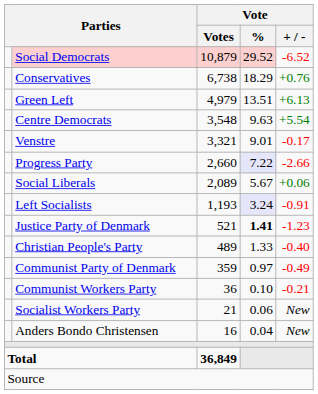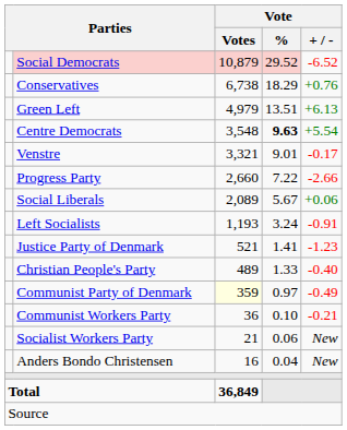 <table class="wikitable" style="text-align:right;">
 <tr>
 <th style="text-align:centre;" rowspan="2" colspan="2" width="225">Parties</th>
 <th colspan="3">Vote</th>
 </tr>
 <tr>
 <th width="15">Votes</th>
 <th width="15">%</th>
 <th width="15">+ / -</th>
 </tr>
 <tr>
 <td width="2" style="color:inherit;background:"></td>
 <td bgcolor=#fbd0ce  align="left"><a href='#'>Social Democrats</a></td>
 <td bgcolor=#fbd0ce>10,879</td>
 <td bgcolor=#fbd0ce>29.52</td>
 <td style=color:red;>-6.52</td>
 </tr>
 <tr>
 <td width="2" style="color:inherit;background:"></td>
 <td align="left"><a href='#'>Conservatives</a></td>
 <td>6,738</td>
 <td>18.29</td>
 <td style=color:green;>+0.76</td>
 </tr>
 <tr>
 <td width="2" style="color:inherit;background:"></td>
 <td align="left"><a href='#'>Green Left</a></td>
 <td>4,979</td>
 <td>13.51</td>
 <td style=color:green;>+6.13</td>
 </tr>
 <tr>
 <td width="2" style="color:inherit;background:"></td>
 <td align="left"><a href='#'>Centre Democrats</a></td>
 <td>3,548</td>
-<td>9.63</td>
+<td><strong>9.63</strong></td>
 <td style=color:green;>+5.54</td>
 </tr>
 <tr>
 <td width="2" style="color:inherit;background:"></td>
 <td align="left"><a href='#'>Venstre</a></td>
 <td>3,321</td>
 <td>9.01</td>
 <td style=color:red;>-0.17</td>
 </tr>
 <tr>
 <td width="2" style="color:inherit;background:"></td>
 <td align="left"><a href='#'>Progress Party</a></td>
 <td>2,660</td>
-<td style="background: lavender;">7.22</td>
+<td>7.22</td>
 <td style=color:red;>-2.66</td>
 </tr>
 <tr>
 <td width="2" style="color:inherit;background:"></td>
 <td align="left"><a href='#'>Social Liberals</a></td>
 <td>2,089</td>
 <td>5.67</td>
 <td style=color:green;>+0.06</td>
 </tr>
 <tr>
 <td width="2" style="color:inherit;background:"></td>
 <td align="left"><a href='#'>Left Socialists</a></td>
 <td>1,193</td>
-<td style="background: lavender;">3.24</td>
+<td>3.24</td>
 <td style=color:red;>-0.91</td>
 </tr>
 <tr>
 <td width="2" style="color:inherit;background:"></td>
 <td align="left"><a href='#'>Justice Party of Denmark</a></td>
 <td>521</td>
-<td><strong>1.41</strong></td>
+<td>1.41</td>
 <td style=color:red;>-1.23</td>
 </tr>
 <tr>
 <td width="2" style="color:inherit;background:"></td>
 <td align="left"><a href='#'>Christian People's Party</a></td>
 <td>489</td>
 <td>1.33</td>
 <td style=color:red;>-0.40</td>
 </tr>
 <tr>
 <td width="2" style="color:inherit;background:"></td>
 <td align="left"><a href='#'>Communist Party of Denmark</a></td>
-<td>359</td>
+<td style="background: lightyellow;">359</td>
 <td>0.97</td>
 <td style=color:red;>-0.49</td>
 </tr>
 <tr>
 <td width="2" style="color:inherit;background:"></td>
 <td align="left"><a href='#'>Communist Workers Party</a></td>
 <td>36</td>
 <td>0.10</td>
 <td style=color:red;>-0.21</td>
 </tr>
 <tr>
 <td width="2" style="color:inherit;background:"></td>
 <td align="left"><a href='#'>Socialist Workers Party</a></td>
 <td>21</td>
 <td>0.06</td>
 <td><em>New</em></td>
 </tr>
 <tr>
 <td width="2" style="color:inherit;background:"></td>
 <td align="left">Anders Bondo Christensen</td>
 <td>16</td>
 <td>0.04</td>
 <td><em>New</em></td>
 </tr>
 <tr>
 <td colspan="7" bgcolor="#E9E9E9"></td>
 </tr>
 <tr>
 <td align="left" colspan="2"><strong>Total</strong></td>
 <td><strong>36,849</strong></td>
 <td bgcolor="#E9E9E9" colspan="2"></td>
 </tr>
 <tr>
 <td align="left" colspan="6">Source</td>
 </tr>
 </table>
